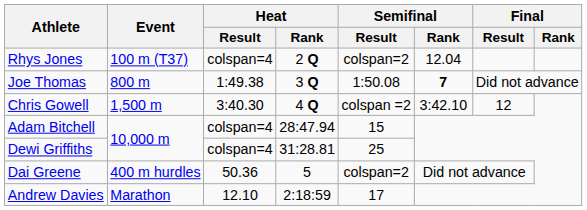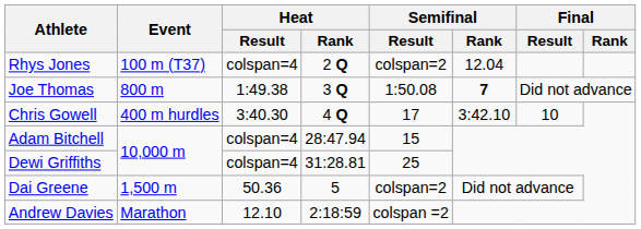 <table class="wikitable" style="font-size:90%">
 <tr>
 <th rowspan=2>Athlete</th>
 <th rowspan=2>Event</th>
 <th colspan=2>Heat</th>
 <th colspan=2>Semifinal</th>
 <th colspan=2>Final</th>
 </tr>
 <tr style="font-size:95%">
 <th>Result</th>
 <th>Rank</th>
 <th>Result</th>
 <th>Rank</th>
 <th>Result</th>
 <th>Rank</th>
 </tr>
 <tr align=center>
 <td align=left><a href='#'>Rhys Jones</a></td>
 <td align=left><a href='#'>100 m (T37)</a></td>
 <td>colspan=4 </td>
 <td>2 <strong>Q</strong></td>
 <td>colspan=2 </td>
 <td>12.04</td>
 <td></td>
 </tr>
 <tr align=center>
 <td align=left><a href='#'>Joe Thomas</a></td>
 <td align=left><a href='#'>800 m</a></td>
 <td>1:49.38</td>
 <td>3 <strong>Q</strong></td>
 <td>1:50.08</td>
 <td><strong>7</strong></td>
 <td colspan=2>Did not advance</td>
 </tr>
 <tr align=center>
 <td align=left><a href='#'>Chris Gowell</a></td>
-<td align=left><a href='#'>1,500 m</a></td>
+<td align=left><a href='#'>400 m hurdles</a></td>
 <td>3:40.30</td>
 <td>4 <strong>Q</strong></td>
-<td>colspan =2 </td>
+<td>17</td>
 <td>3:42.10</td>
-<td>12</td>
+<td>10</td>
 </tr>
 <tr align=center>
 <td align=left><a href='#'>Adam Bitchell</a></td>
 <td align=left rowspan=2><a href='#'>10,000 m</a></td>
 <td>colspan=4 </td>
 <td>28:47.94</td>
 <td>15</td>
 </tr>
 <tr align=center>
 <td align=left><a href='#'>Dewi Griffiths</a></td>
 <td>colspan=4 </td>
 <td>31:28.81</td>
 <td>25</td>
 </tr>
 <tr align=center>
 <td align=left><a href='#'>Dai Greene</a></td>
-<td align=left><a href='#'>400 m hurdles</a></td>
+<td align=left><a href='#'>1,500 m</a></td>
 <td>50.36</td>
 <td>5</td>
 <td>colspan=2 </td>
 <td colspan=2>Did not advance</td>
 </tr>
 <tr align=center>
 <td align=left><a href='#'>Andrew Davies</a></td>
 <td align=left><a href='#'>Marathon</a></td>
 <td>12.10</td>
 <td>2:18:59</td>
-<td>17</td>
+<td>colspan =2 </td>
 </tr>
 </table>
